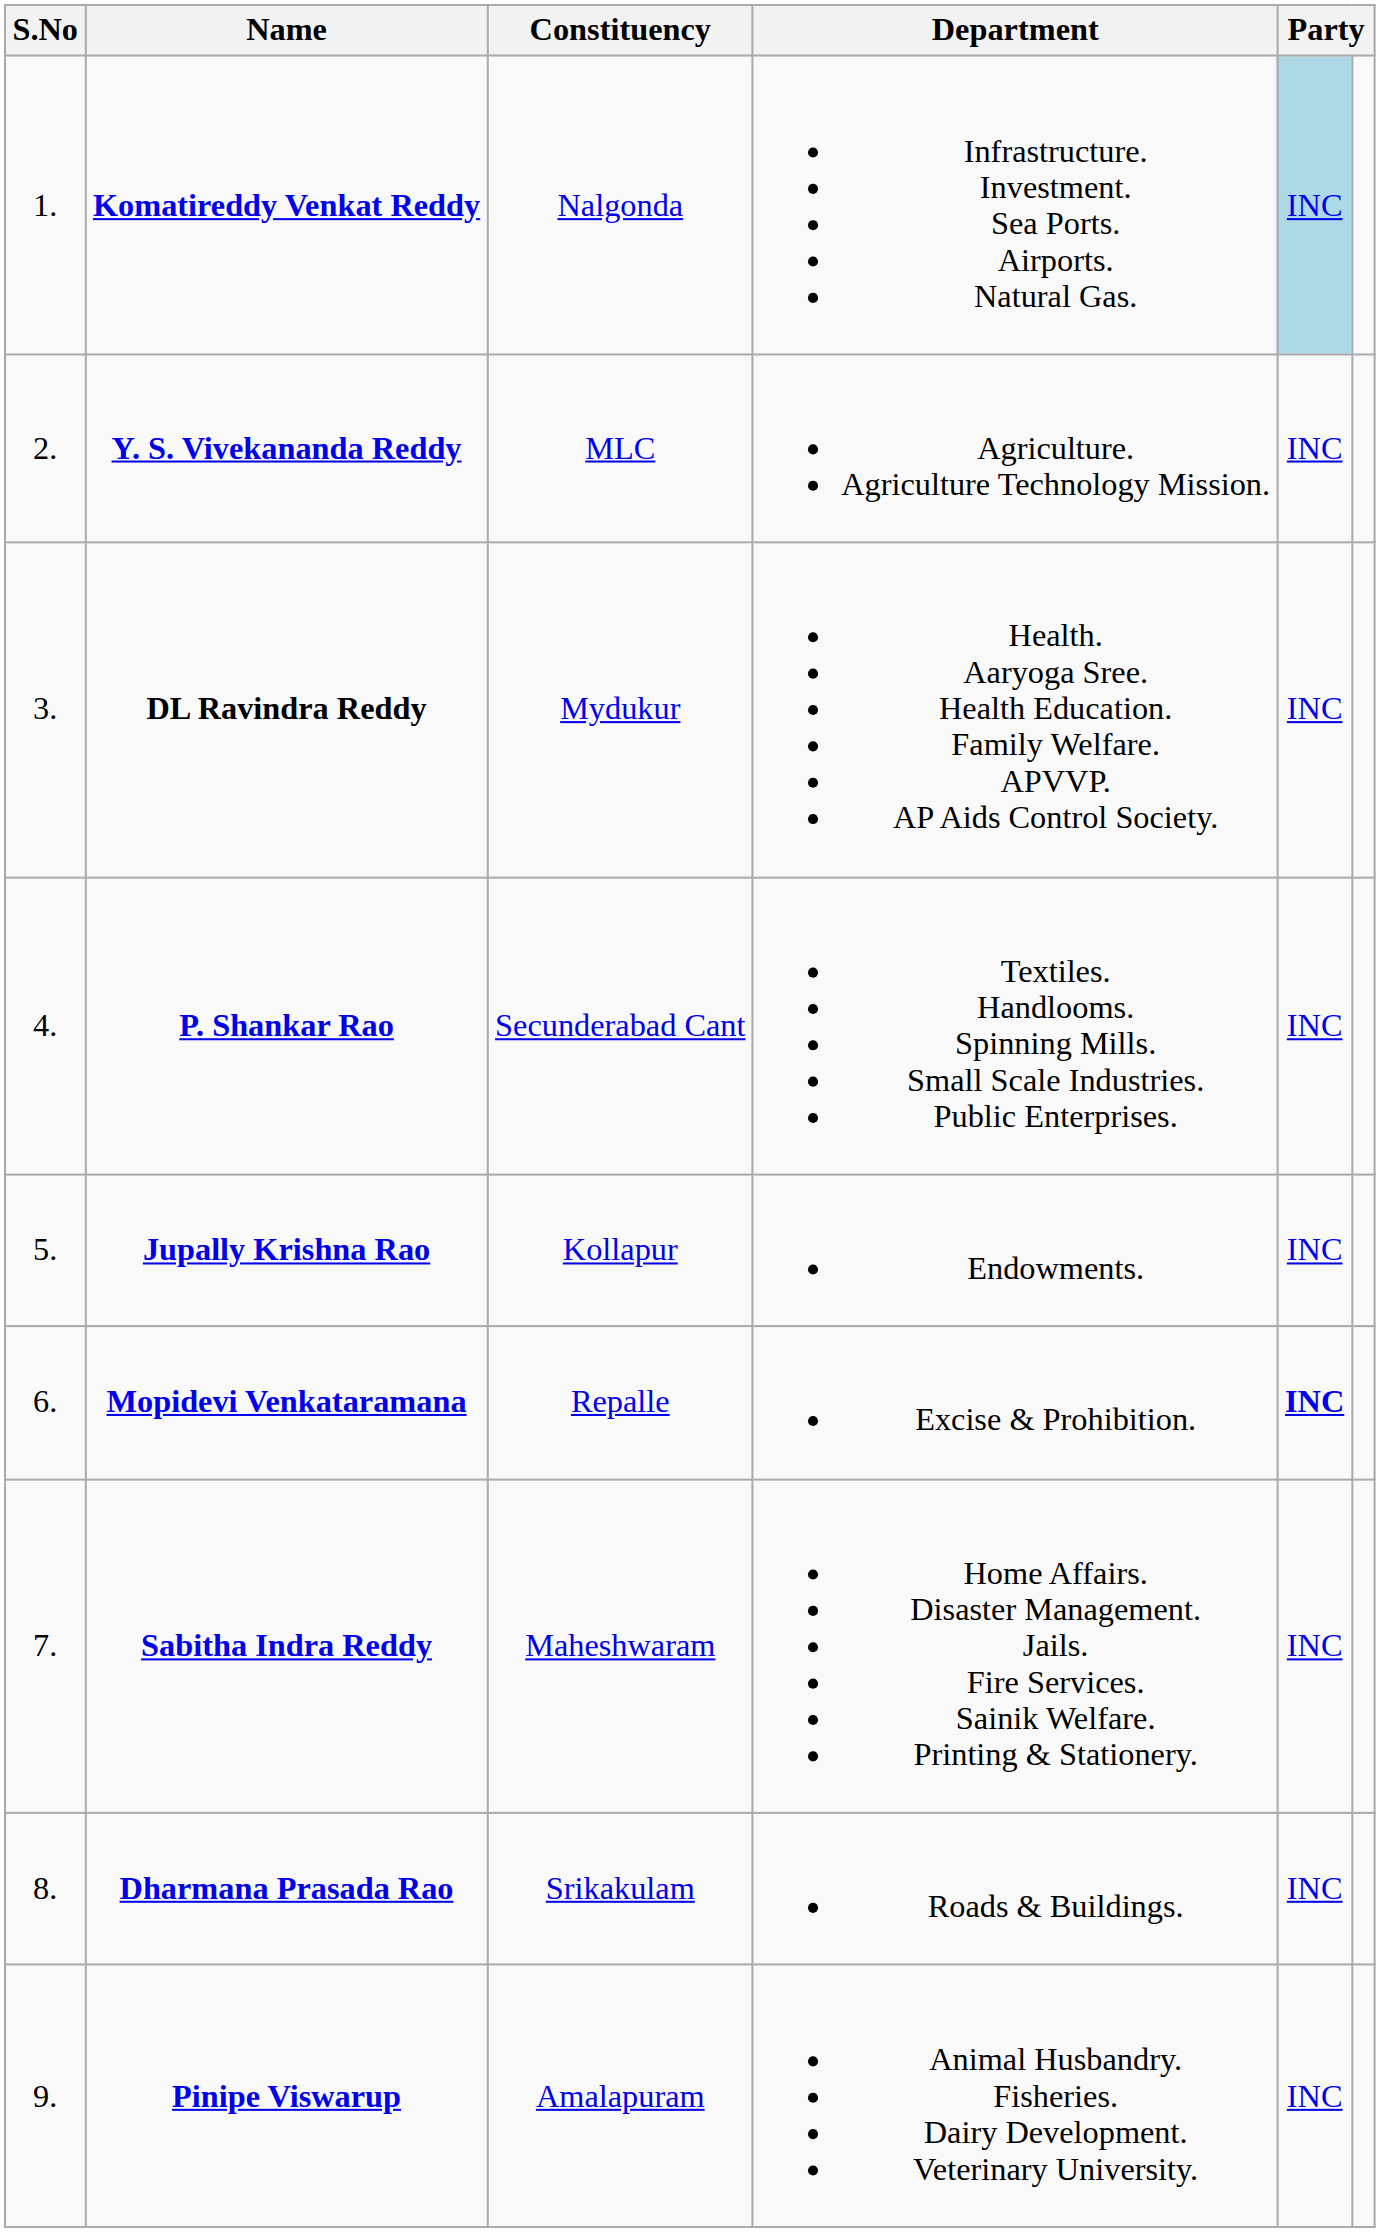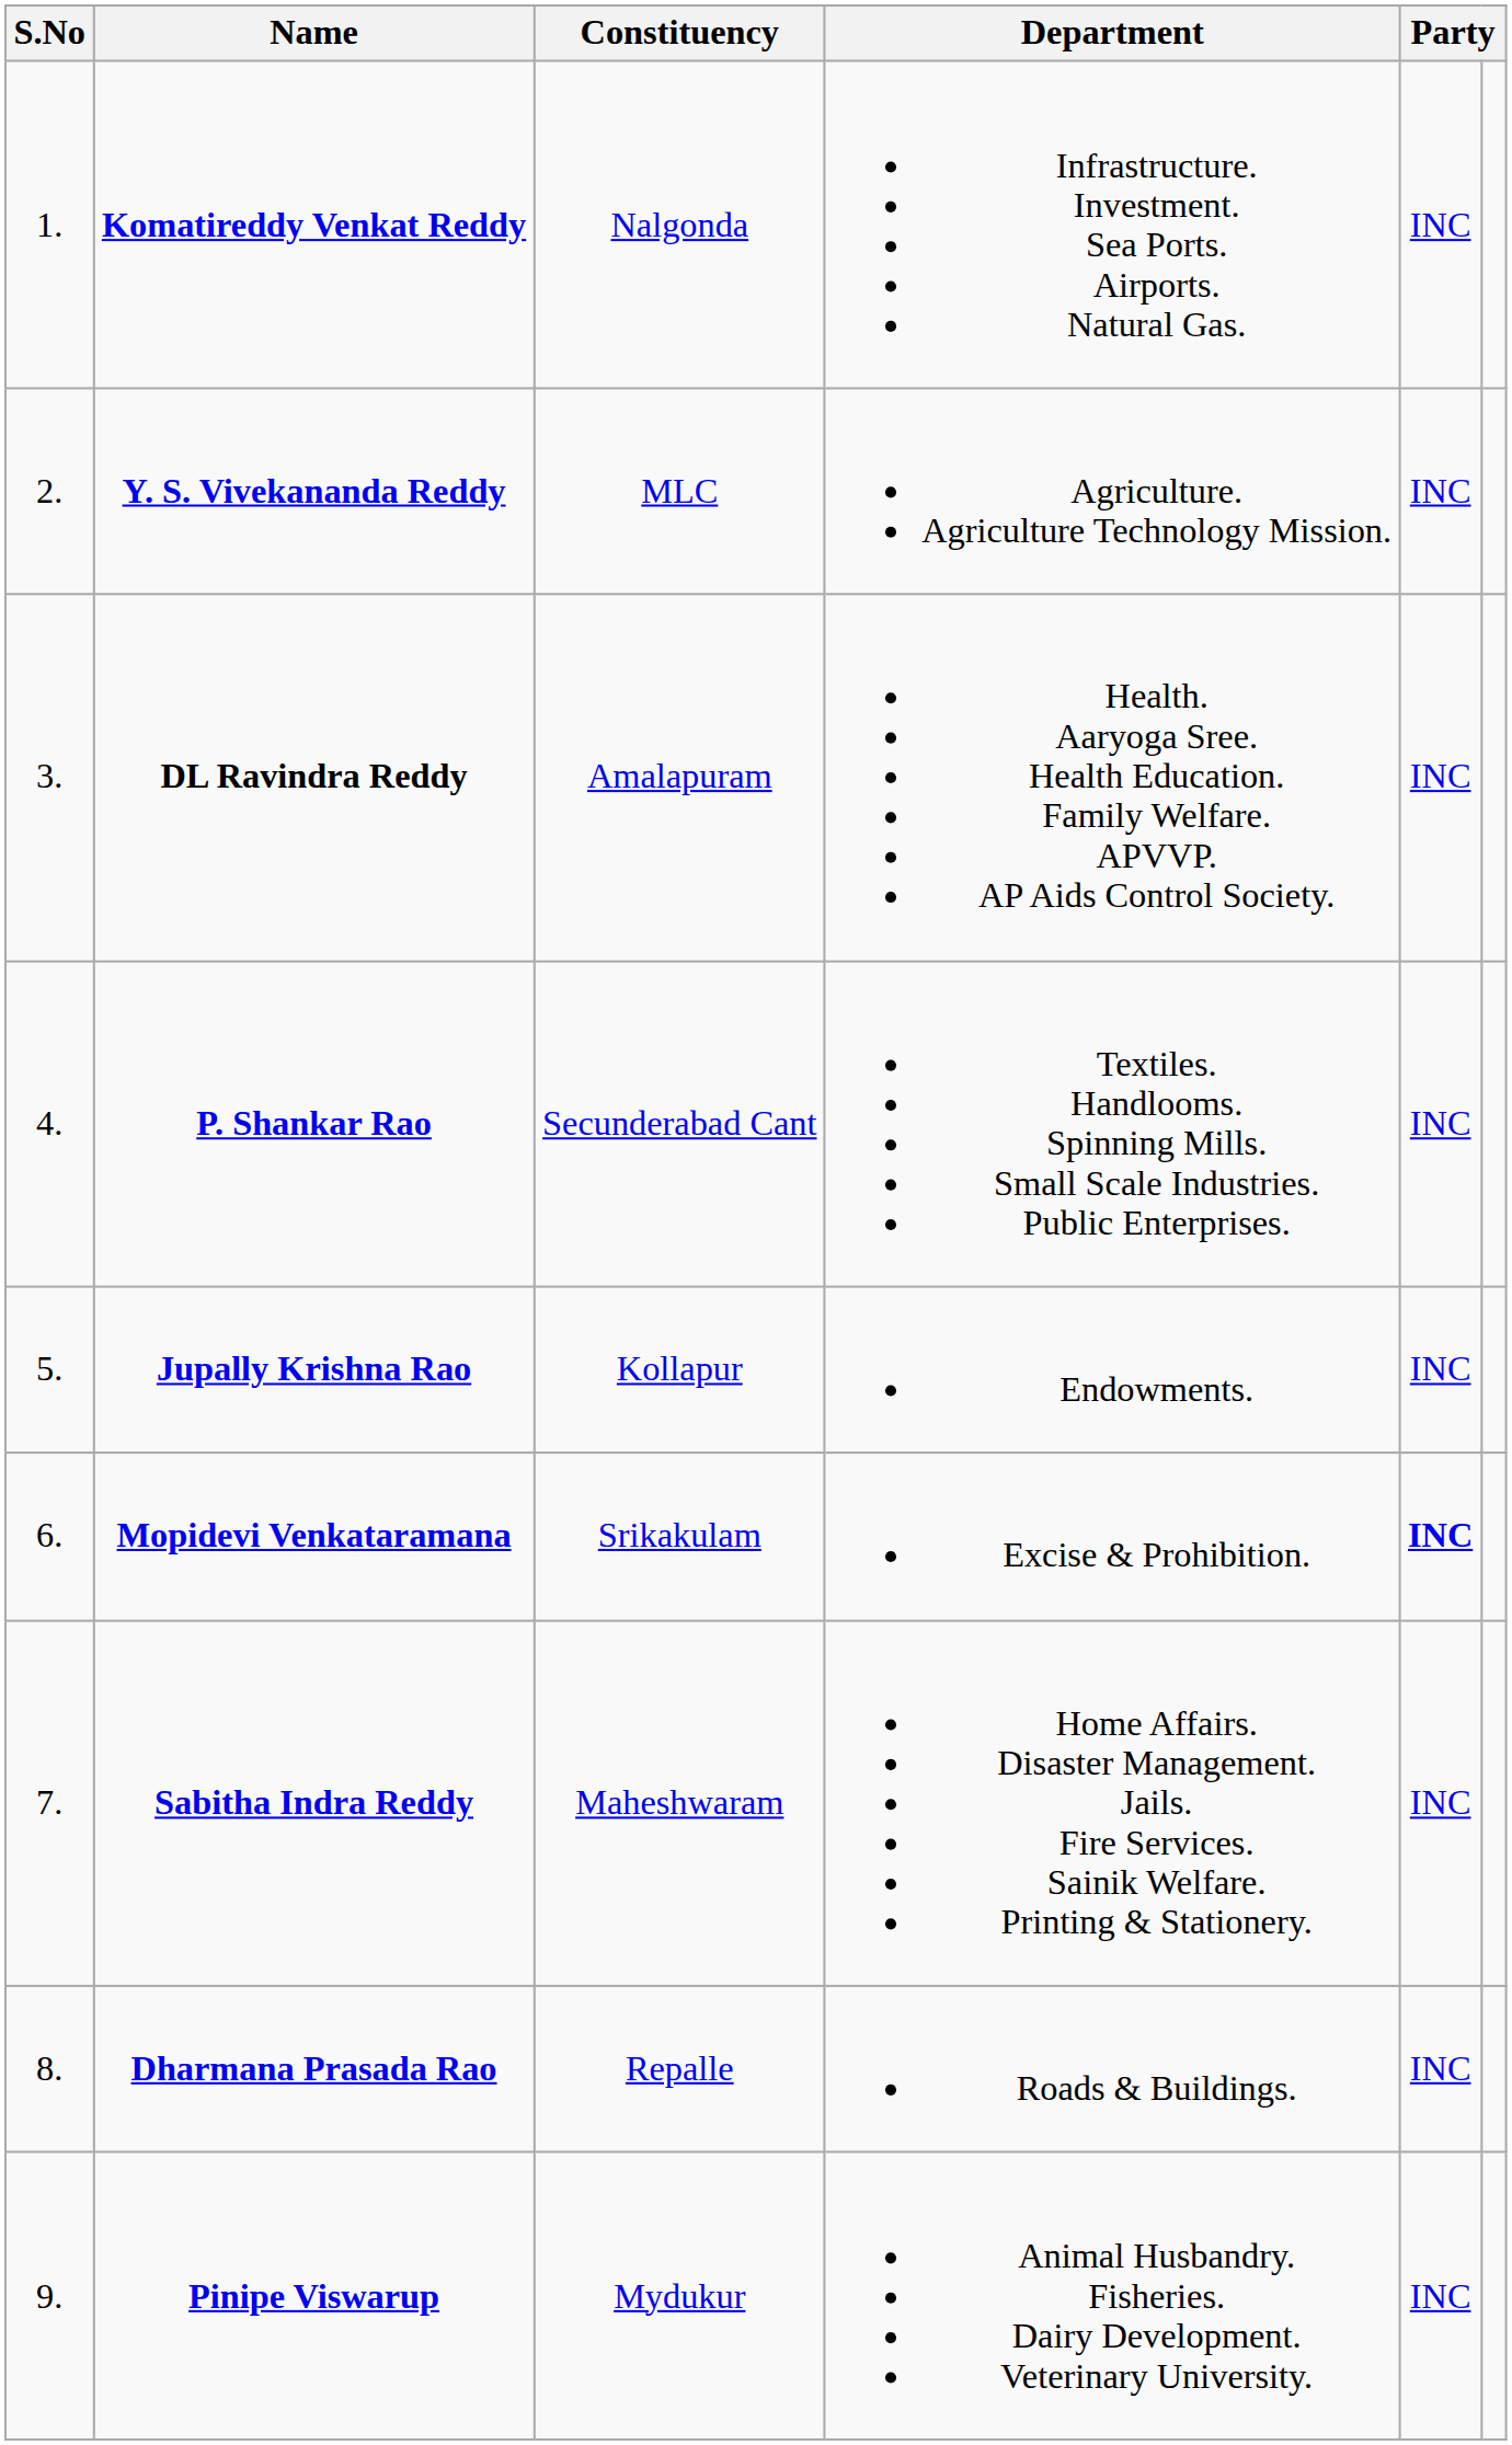 <table class="wikitable sortable" style="text-align:center;">
 <tr>
 <th>S.No</th>
 <th>Name</th>
 <th>Constituency</th>
 <th>Department</th>
 <th colspan="2" scope="col">Party</th>
 </tr>
 <tr>
 <td>1.</td>
 <td><strong><a href='#'>Komatireddy Venkat Reddy</a></strong></td>
 <td><a href='#'>Nalgonda</a></td>
 <td><br><ul><li>Infrastructure.</li><li>Investment.</li><li>Sea Ports.</li><li>Airports.</li><li>Natural Gas.</li></ul></td>
-<td style="background: lightblue;"><a href='#'>INC</a></td>
+<td><a href='#'>INC</a></td>
 <td width="4px" style="background-color: "></td>
 </tr>
 <tr>
 <td>2.</td>
 <td><strong><a href='#'>Y. S. Vivekananda Reddy</a></strong></td>
 <td><a href='#'>MLC</a></td>
 <td><br><ul><li>Agriculture.</li><li>Agriculture Technology Mission.</li></ul></td>
 <td><a href='#'>INC</a></td>
 <td width="4px" style="background-color: "></td>
 </tr>
 <tr>
 <td>3.</td>
 <td><strong>DL Ravindra Reddy</strong></td>
-<td><a href='#'>Mydukur</a></td>
+<td><a href='#'>Amalapuram</a></td>
 <td><br><ul><li>Health.</li><li>Aaryoga Sree.</li><li>Health Education.</li><li>Family Welfare.</li><li>APVVP.</li><li>AP Aids Control Society.</li></ul></td>
 <td><a href='#'>INC</a></td>
 <td width="4px" style="background-color: "></td>
 </tr>
 <tr>
 <td>4.</td>
 <td><strong><a href='#'>P. Shankar Rao</a></strong></td>
 <td><a href='#'>Secunderabad Cant</a></td>
 <td><br><ul><li>Textiles.</li><li>Handlooms.</li><li>Spinning Mills.</li><li>Small Scale Industries.</li><li>Public Enterprises.</li></ul></td>
 <td><a href='#'>INC</a></td>
 <td width="4px" style="background-color: "></td>
 </tr>
 <tr>
 <td>5.</td>
 <td><strong><a href='#'>Jupally Krishna Rao</a></strong></td>
 <td><a href='#'>Kollapur</a></td>
 <td><br><ul><li>Endowments.</li></ul></td>
 <td><a href='#'>INC</a></td>
 <td width="4px" style="background-color: "></td>
 </tr>
 <tr>
 <td>6.</td>
 <td><strong><a href='#'>Mopidevi Venkataramana</a></strong></td>
-<td><a href='#'>Repalle</a></td>
+<td><a href='#'>Srikakulam</a></td>
 <td><br><ul><li>Excise & Prohibition.</li></ul></td>
 <td><strong><a href='#'>INC</a></strong></td>
 <td width="4px" style="background-color: "></td>
 </tr>
 <tr>
 <td>7.</td>
 <td><strong><a href='#'>Sabitha Indra Reddy</a></strong></td>
 <td><a href='#'>Maheshwaram</a></td>
 <td><br><ul><li>Home Affairs.</li><li>Disaster Management.</li><li>Jails.</li><li>Fire Services.</li><li>Sainik Welfare.</li><li>Printing & Stationery.</li></ul></td>
 <td><a href='#'>INC</a></td>
 <td width="4px" style="background-color: "></td>
 </tr>
 <tr>
 <td>8.</td>
 <td><strong><a href='#'>Dharmana Prasada Rao</a></strong></td>
-<td><a href='#'>Srikakulam</a></td>
+<td><a href='#'>Repalle</a></td>
 <td><br><ul><li>Roads & Buildings.</li></ul></td>
 <td><a href='#'>INC</a></td>
 <td width="4px" style="background-color: "></td>
 </tr>
 <tr>
 <td>9.</td>
 <td><strong><a href='#'>Pinipe Viswarup</a></strong></td>
-<td><a href='#'>Amalapuram</a></td>
+<td><a href='#'>Mydukur</a></td>
 <td><br><ul><li>Animal Husbandry.</li><li>Fisheries.</li><li>Dairy Development.</li><li>Veterinary University.</li></ul></td>
 <td><a href='#'>INC</a></td>
 <td width="4px" style="background-color: "></td>
 </tr>
 </table>
